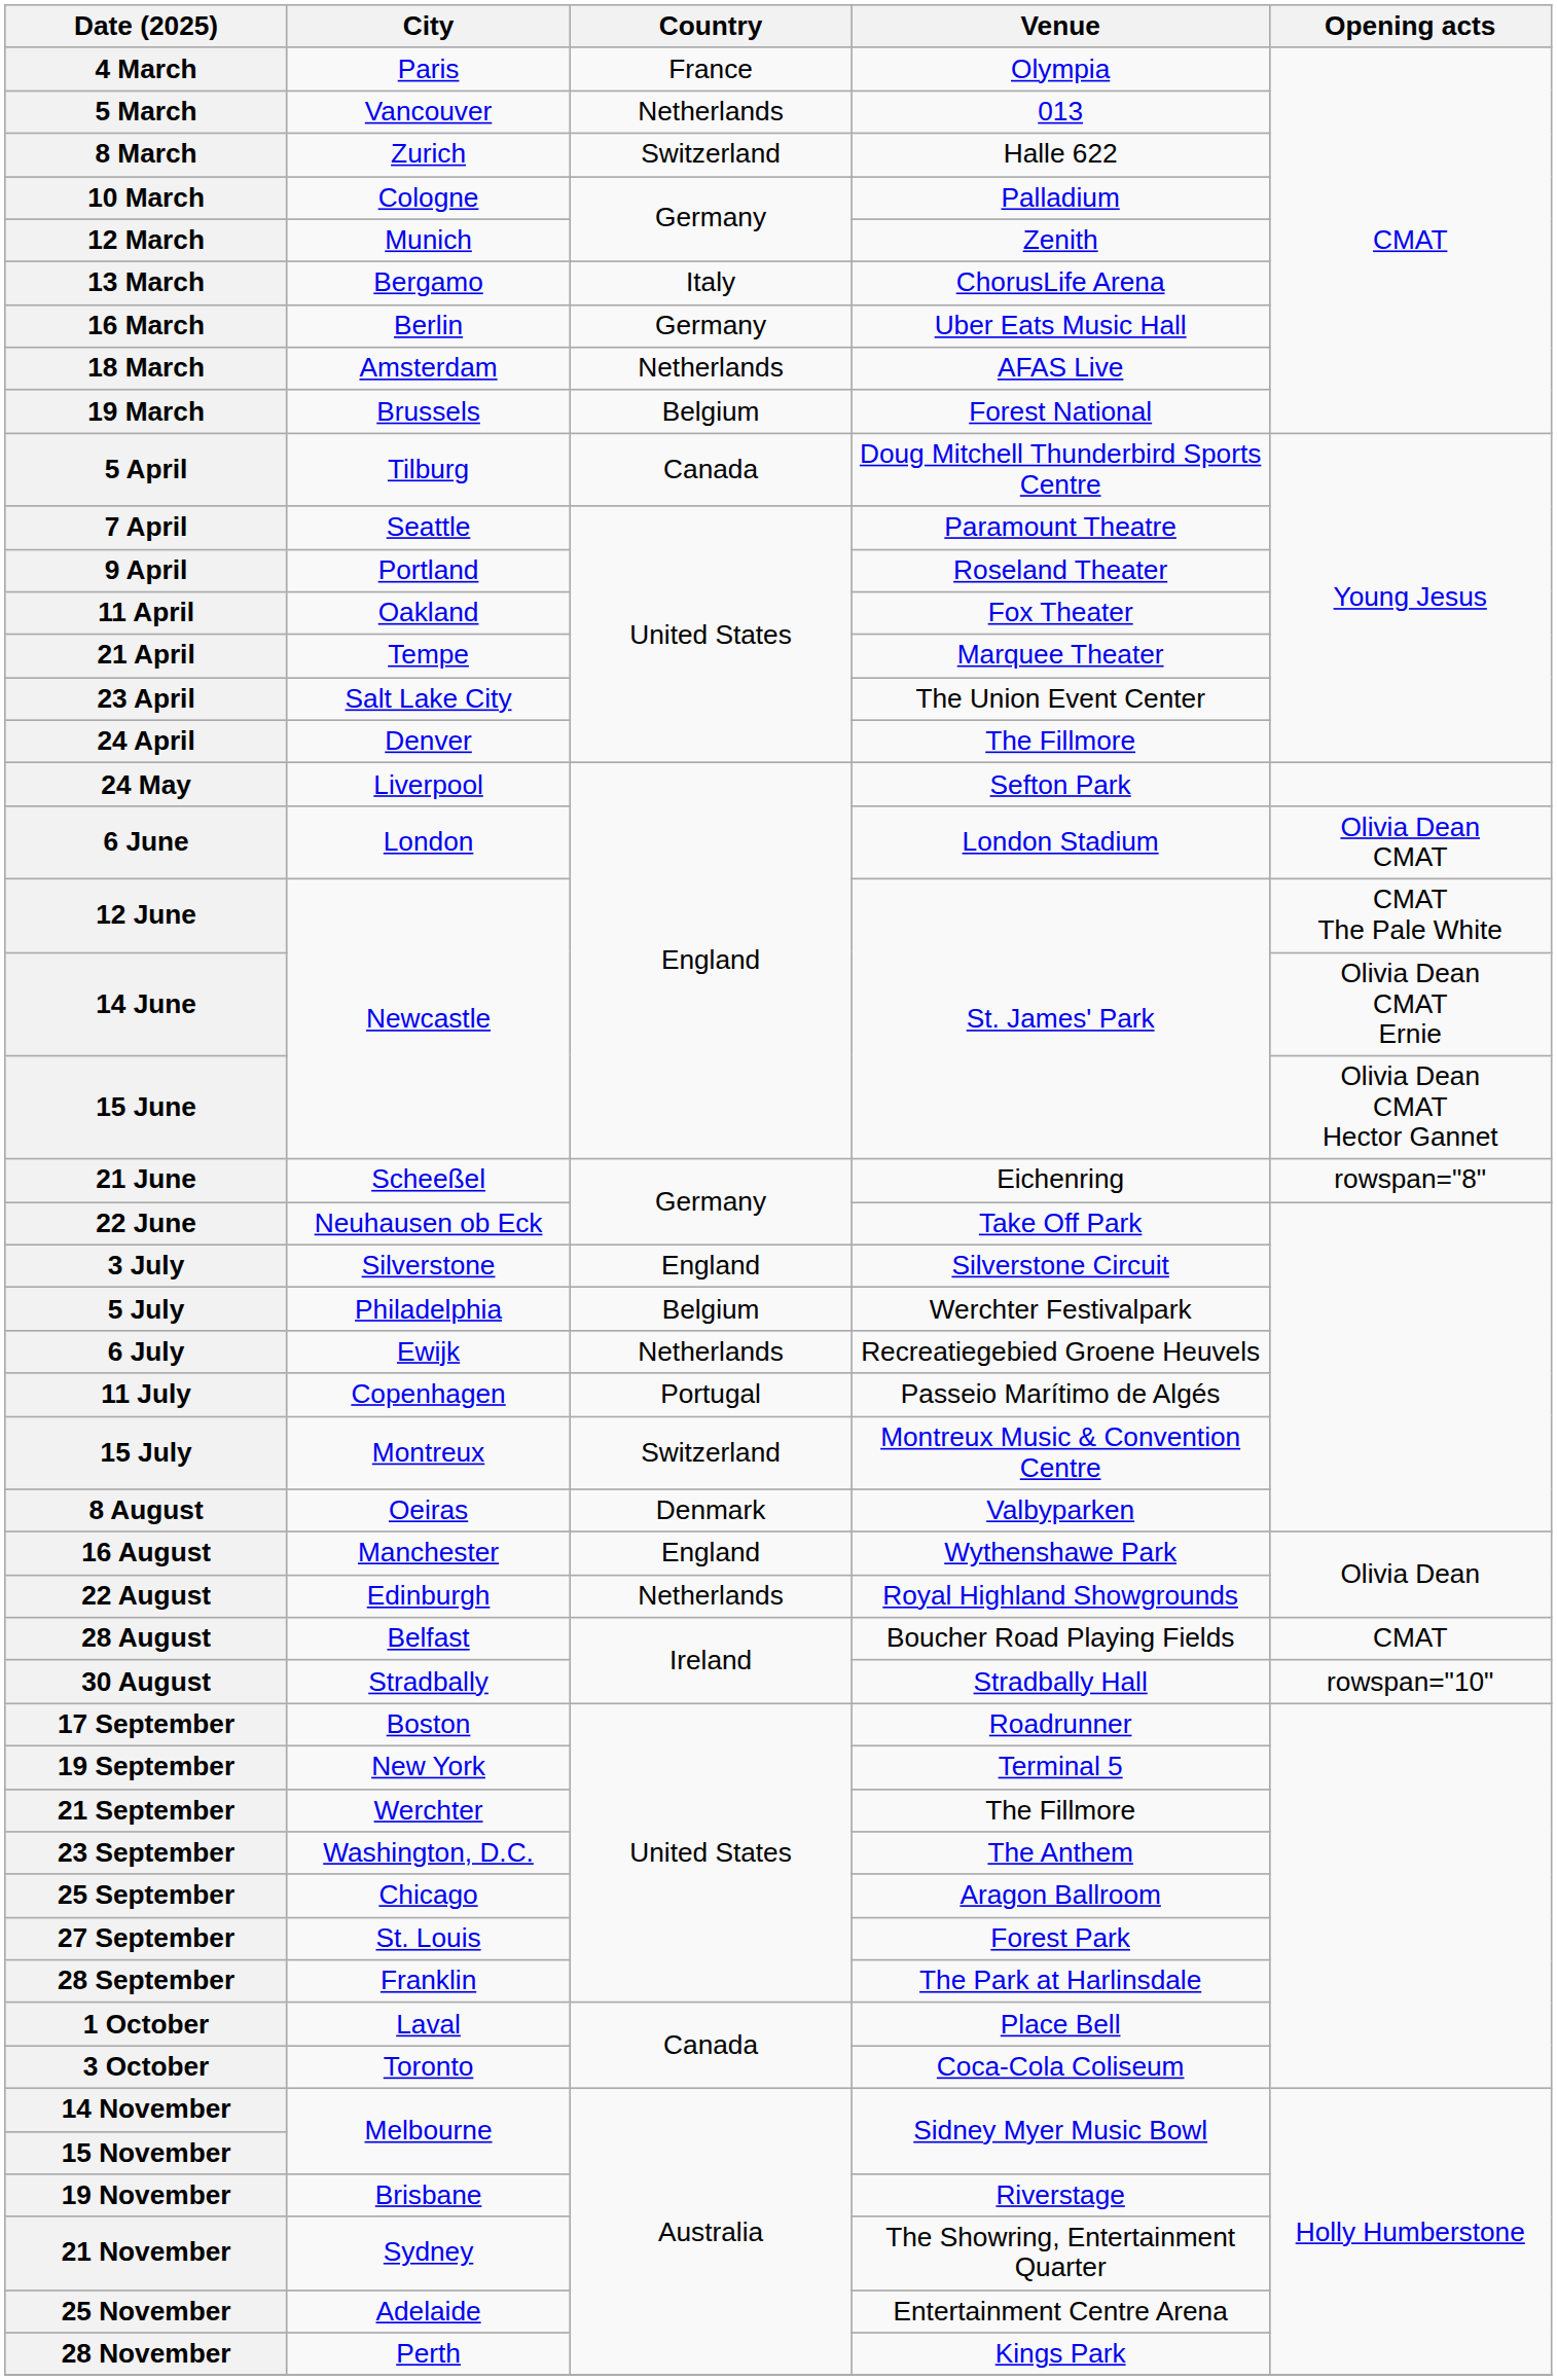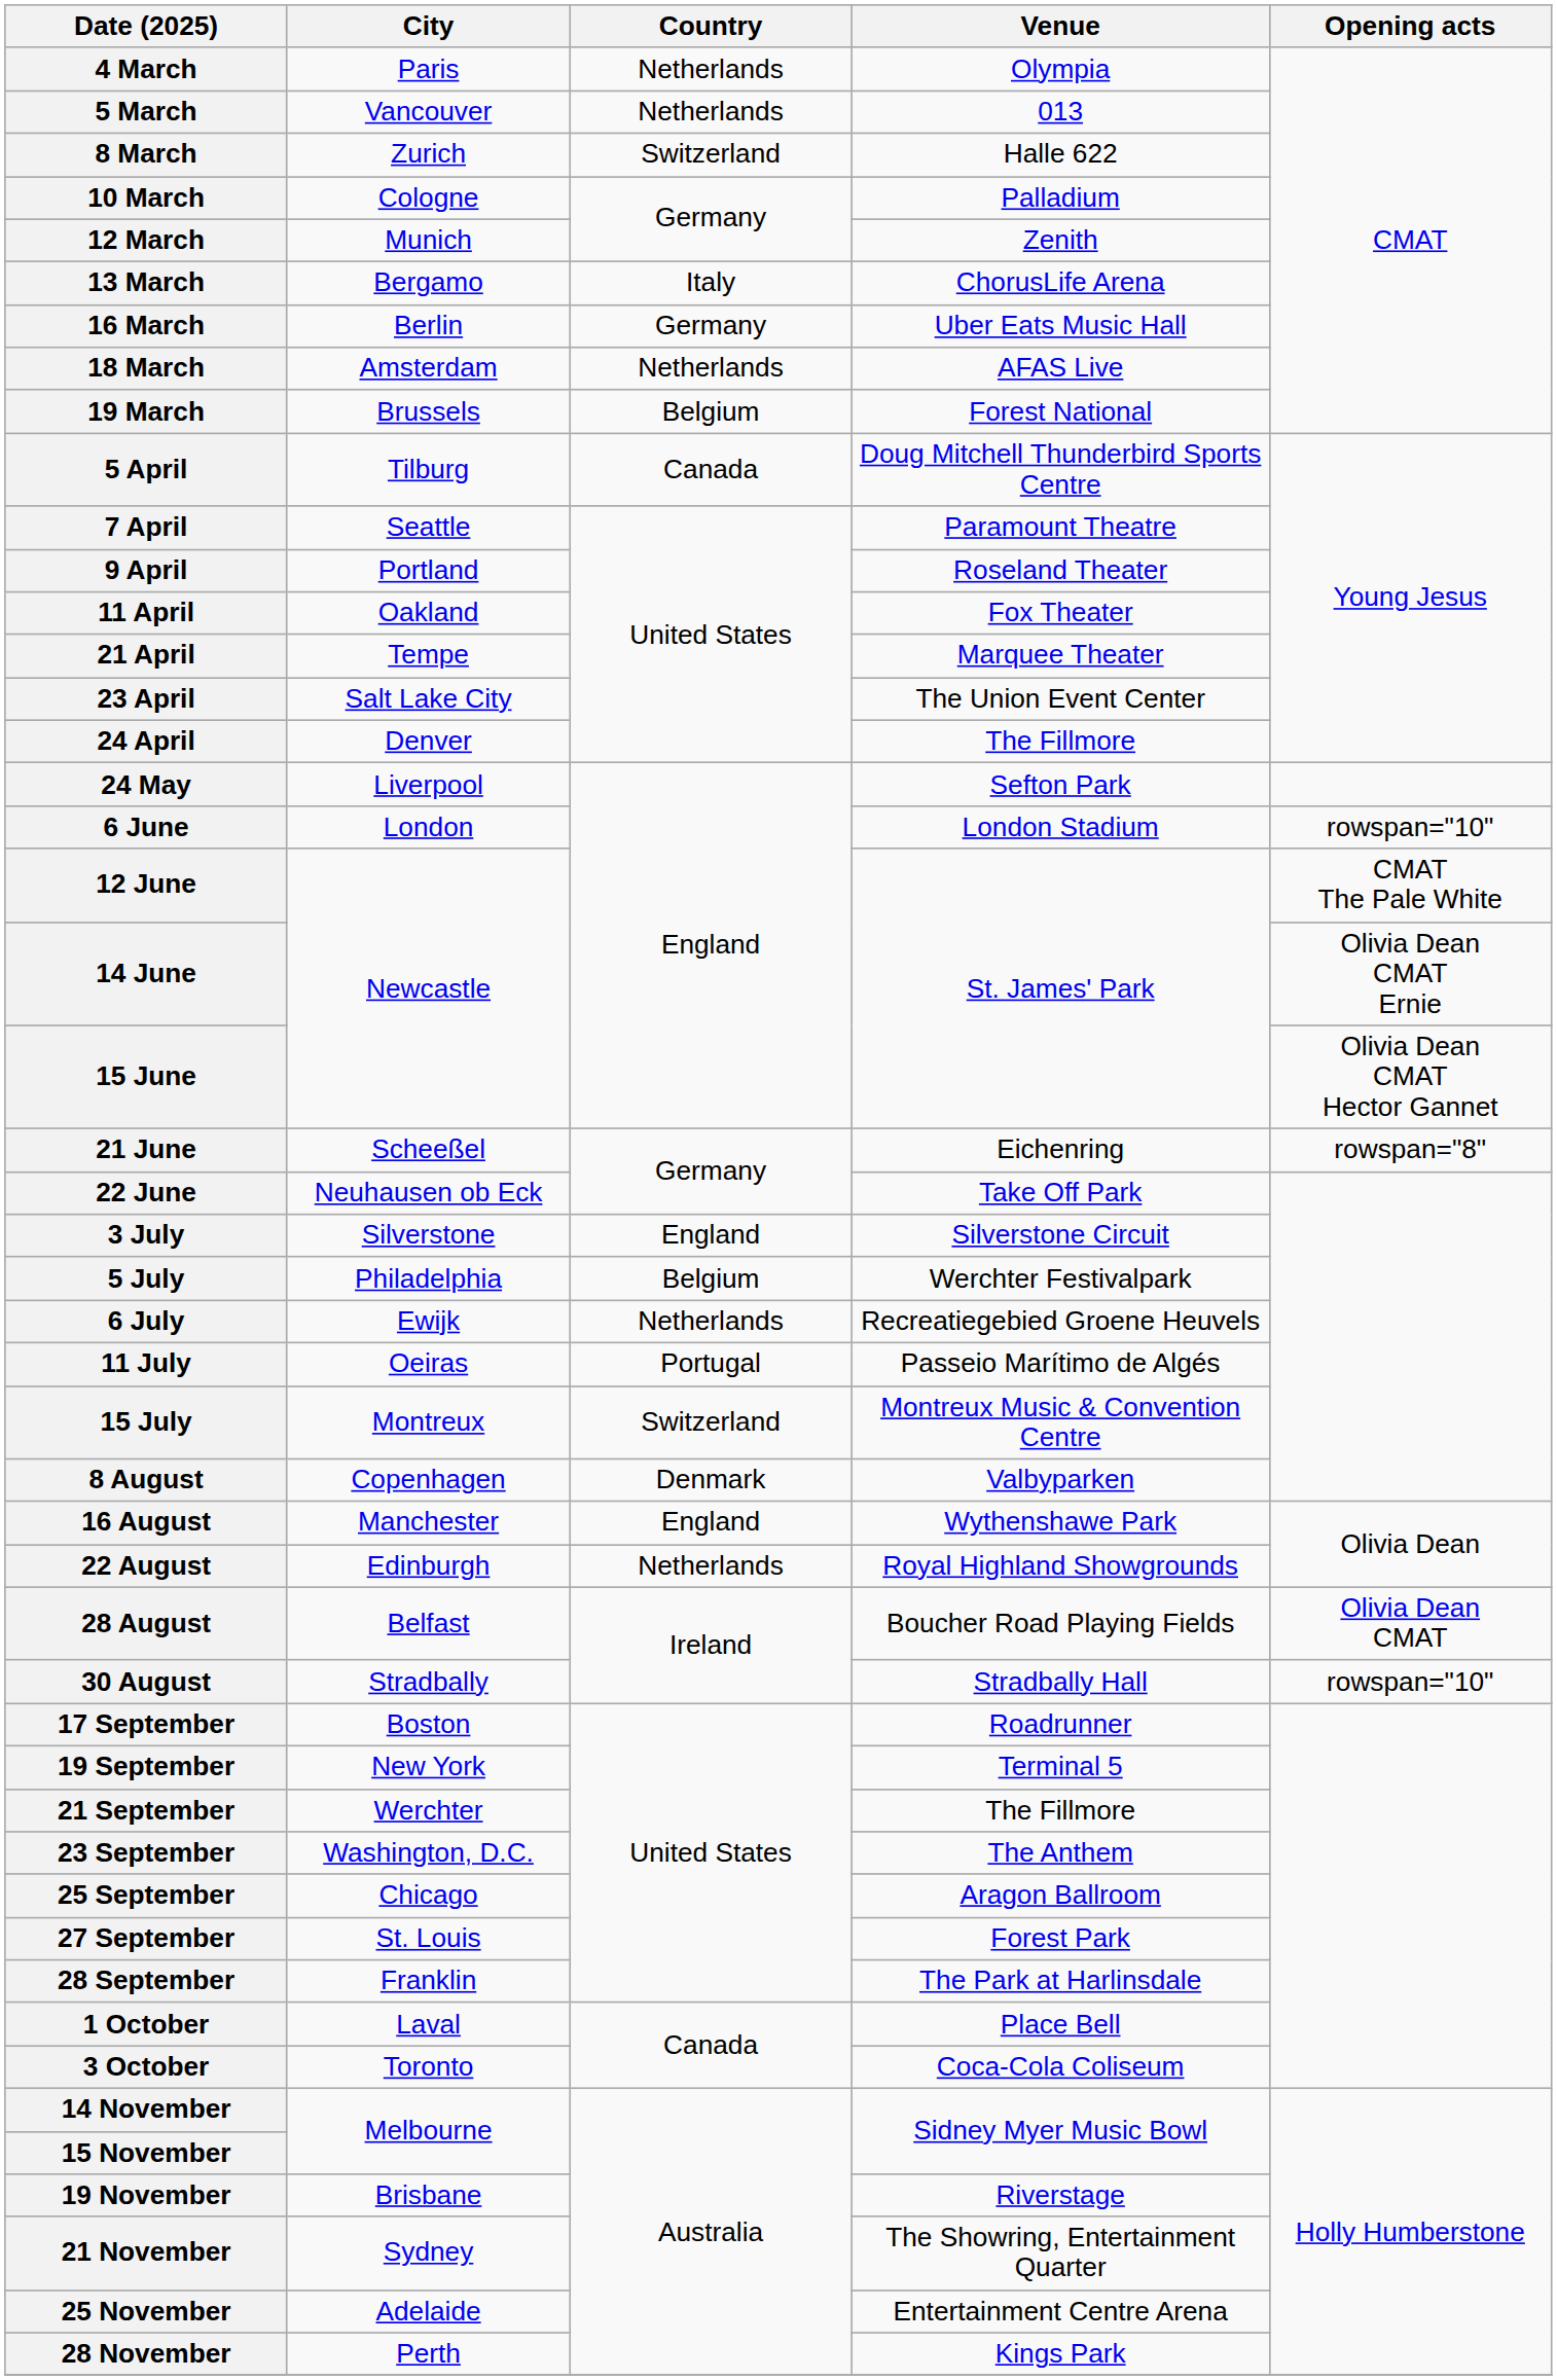 <table class="wikitable plainrowheaders" style="text-align:center;">
 <tr>
 <th scope="col" style="width:10em;">Date (2025)</th>
 <th scope="col" style="width:10em;">City</th>
 <th scope="col" style="width:10em;">Country</th>
 <th scope="col" style="width:15em;">Venue</th>
 <th scope="col" style="width:10em;">Opening acts</th>
 </tr>
 <tr>
 <th scope="row" style="text-align:center;">4 March</th>
 <td><a href='#'>Paris</a></td>
-<td>France</td>
+<td>Netherlands</td>
 <td><a href='#'>Olympia</a></td>
 <td rowspan="9"><a href='#'>CMAT</a></td>
 </tr>
 <tr>
 <th scope="row" style="text-align:center;">5 March</th>
 <td><a href='#'>Vancouver</a></td>
 <td>Netherlands</td>
 <td><a href='#'>013</a></td>
 </tr>
 <tr>
 <th scope="row" style="text-align:center;">8 March</th>
 <td><a href='#'>Zurich</a></td>
 <td>Switzerland</td>
 <td>Halle 622</td>
 </tr>
 <tr>
 <th scope="row" style="text-align:center;">10 March</th>
 <td><a href='#'>Cologne</a></td>
 <td rowspan="2">Germany</td>
 <td><a href='#'>Palladium</a></td>
 </tr>
 <tr>
 <th scope="row" style="text-align:center;">12 March</th>
 <td><a href='#'>Munich</a></td>
 <td><a href='#'>Zenith</a></td>
 </tr>
 <tr>
 <th scope="row" style="text-align:center;">13 March</th>
 <td><a href='#'>Bergamo</a></td>
 <td>Italy</td>
 <td><a href='#'>ChorusLife Arena</a></td>
 </tr>
 <tr>
 <th scope="row" style="text-align:center;">16 March</th>
 <td><a href='#'>Berlin</a></td>
 <td>Germany</td>
 <td><a href='#'>Uber Eats Music Hall</a></td>
 </tr>
 <tr>
 <th scope="row" style="text-align:center;">18 March</th>
 <td><a href='#'>Amsterdam</a></td>
 <td>Netherlands</td>
 <td><a href='#'>AFAS Live</a></td>
 </tr>
 <tr>
 <th scope="row" style="text-align:center;">19 March</th>
 <td><a href='#'>Brussels</a></td>
 <td>Belgium</td>
 <td><a href='#'>Forest National</a></td>
 </tr>
 <tr>
 <th scope="row" style="text-align:center;">5 April</th>
 <td><a href='#'>Tilburg</a></td>
 <td>Canada</td>
 <td><a href='#'>Doug Mitchell Thunderbird Sports Centre</a></td>
 <td rowspan="7"><a href='#'>Young Jesus</a></td>
 </tr>
 <tr>
 <th scope="row" style="text-align:center;">7 April</th>
 <td><a href='#'>Seattle</a></td>
 <td rowspan="6">United States</td>
 <td><a href='#'>Paramount Theatre</a></td>
 </tr>
 <tr>
 <th scope="row" style="text-align:center;">9 April</th>
 <td><a href='#'>Portland</a></td>
 <td><a href='#'>Roseland Theater</a></td>
 </tr>
 <tr>
 <th scope="row" style="text-align:center;">11 April</th>
 <td><a href='#'>Oakland</a></td>
 <td><a href='#'>Fox Theater</a></td>
 </tr>
 <tr>
 <th scope="row" style="text-align:center;">21 April</th>
 <td><a href='#'>Tempe</a></td>
 <td><a href='#'>Marquee Theater</a></td>
 </tr>
 <tr>
 <th scope="row" style="text-align:center;">23 April</th>
 <td><a href='#'>Salt Lake City</a></td>
 <td>The Union Event Center</td>
 </tr>
 <tr>
 <th scope="row" style="text-align:center;">24 April</th>
 <td><a href='#'>Denver</a></td>
 <td><a href='#'>The Fillmore</a></td>
 </tr>
 <tr>
 <th scope="row" style="text-align:center;">24 May</th>
 <td><a href='#'>Liverpool</a></td>
 <td rowspan="5">England</td>
 <td><a href='#'>Sefton Park</a></td>
 <td></td>
 </tr>
 <tr>
 <th scope="row" style="text-align:center;">6 June</th>
 <td><a href='#'>London</a></td>
 <td><a href='#'>London Stadium</a></td>
-<td><a href='#'>Olivia Dean</a><br>CMAT</td>
+<td>rowspan="10" </td>
 </tr>
 <tr>
 <th scope="row" style="text-align:center;">12 June</th>
 <td rowspan="3"><a href='#'>Newcastle</a></td>
 <td rowspan="3"><a href='#'>St. James' Park</a></td>
 <td>CMAT<br>The Pale White</td>
 </tr>
 <tr>
 <th scope="row" style="text-align:center;">14 June</th>
 <td>Olivia Dean <br> CMAT <br> Ernie</td>
 </tr>
 <tr>
 <th scope="row" style="text-align:center;">15 June</th>
 <td>Olivia Dean <br> CMAT <br> Hector Gannet</td>
 </tr>
 <tr>
 <th scope="row" style="text-align:center;">21 June</th>
 <td><a href='#'>Scheeßel</a></td>
 <td rowspan="2">Germany</td>
 <td>Eichenring</td>
 <td>rowspan="8" </td>
 </tr>
 <tr>
 <th scope="row" style="text-align:center;">22 June</th>
 <td><a href='#'>Neuhausen ob Eck</a></td>
 <td><a href='#'>Take Off Park</a></td>
 </tr>
 <tr>
 <th scope="row" style="text-align:center;">3 July</th>
 <td><a href='#'>Silverstone</a></td>
 <td>England</td>
 <td><a href='#'>Silverstone Circuit</a></td>
 </tr>
 <tr>
 <th scope="row" style="text-align:center;">5 July</th>
 <td><a href='#'>Philadelphia</a></td>
 <td>Belgium</td>
 <td>Werchter Festivalpark</td>
 </tr>
 <tr>
 <th scope="row" style="text-align:center;">6 July</th>
 <td><a href='#'>Ewijk</a></td>
 <td>Netherlands</td>
 <td>Recreatiegebied Groene Heuvels</td>
 </tr>
 <tr>
 <th scope="row" style="text-align:center;">11 July</th>
-<td><a href='#'>Copenhagen</a></td>
+<td><a href='#'>Oeiras</a></td>
 <td>Portugal</td>
 <td>Passeio Marítimo de Algés</td>
 </tr>
 <tr>
 <th scope="row" style="text-align:center;">15 July</th>
 <td><a href='#'>Montreux</a></td>
 <td>Switzerland</td>
 <td><a href='#'>Montreux Music & Convention Centre</a></td>
 </tr>
 <tr>
 <th scope="row" style="text-align:center;">8 August</th>
-<td><a href='#'>Oeiras</a></td>
+<td><a href='#'>Copenhagen</a></td>
 <td>Denmark</td>
 <td><a href='#'>Valbyparken</a></td>
 </tr>
 <tr>
 <th scope="row" style="text-align:center;">16 August</th>
 <td><a href='#'>Manchester</a></td>
 <td>England</td>
 <td><a href='#'>Wythenshawe Park</a></td>
 <td rowspan="2">Olivia Dean</td>
 </tr>
 <tr>
 <th scope="row" style="text-align:center;">22 August</th>
 <td><a href='#'>Edinburgh</a></td>
 <td>Netherlands</td>
 <td><a href='#'>Royal Highland Showgrounds</a></td>
 </tr>
 <tr>
 <th scope="row" style="text-align:center;">28 August</th>
 <td><a href='#'>Belfast</a></td>
 <td rowspan="2">Ireland</td>
 <td>Boucher Road Playing Fields</td>
-<td>CMAT</td>
+<td><a href='#'>Olivia Dean</a><br>CMAT</td>
 </tr>
 <tr>
 <th scope="row" style="text-align:center;">30 August</th>
 <td><a href='#'>Stradbally</a></td>
 <td><a href='#'>Stradbally Hall</a></td>
 <td>rowspan="10" </td>
 </tr>
 <tr>
 <th scope="row" style="text-align:center;">17 September</th>
 <td><a href='#'>Boston</a></td>
 <td rowspan="7">United States</td>
 <td><a href='#'>Roadrunner</a></td>
 </tr>
 <tr>
 <th scope="row" style="text-align:center;">19 September</th>
 <td><a href='#'>New York</a></td>
 <td><a href='#'>Terminal 5</a></td>
 </tr>
 <tr>
 <th scope="row" style="text-align:center;">21 September</th>
 <td><a href='#'>Werchter</a></td>
 <td>The Fillmore</td>
 </tr>
 <tr>
 <th scope="row" style="text-align:center;">23 September</th>
 <td><a href='#'>Washington, D.C.</a></td>
 <td><a href='#'>The Anthem</a></td>
 </tr>
 <tr>
 <th scope="row" style="text-align:center;">25 September</th>
 <td><a href='#'>Chicago</a></td>
 <td><a href='#'>Aragon Ballroom</a></td>
 </tr>
 <tr>
 <th scope="row" style="text-align:center;">27 September</th>
 <td><a href='#'>St. Louis</a></td>
 <td><a href='#'>Forest Park</a></td>
 </tr>
 <tr>
 <th scope="row" style="text-align:center;">28 September</th>
 <td><a href='#'>Franklin</a></td>
 <td><a href='#'>The Park at Harlinsdale</a></td>
 </tr>
 <tr>
 <th scope="row" style="text-align:center;">1 October</th>
 <td><a href='#'>Laval</a></td>
 <td rowspan="2">Canada</td>
 <td><a href='#'>Place Bell</a></td>
 </tr>
 <tr>
 <th scope="row" style="text-align:center;">3 October</th>
 <td><a href='#'>Toronto</a></td>
 <td><a href='#'>Coca-Cola Coliseum</a></td>
 </tr>
 <tr>
 <th scope="row" style="text-align:center;">14 November</th>
 <td rowspan="2"><a href='#'>Melbourne</a></td>
 <td rowspan="6">Australia</td>
 <td rowspan="2"><a href='#'>Sidney Myer Music Bowl</a></td>
 <td rowspan="6"><a href='#'>Holly Humberstone</a></td>
 </tr>
 <tr>
 <th scope="row" style="text-align:center;">15 November</th>
 </tr>
 <tr>
 <th scope="row" style="text-align:center;">19 November</th>
 <td><a href='#'>Brisbane</a></td>
 <td><a href='#'>Riverstage</a></td>
 </tr>
 <tr>
 <th scope="row" style="text-align:center;">21 November</th>
 <td><a href='#'>Sydney</a></td>
 <td>The Showring, Entertainment Quarter</td>
 </tr>
 <tr>
 <th scope="row" style="text-align:center;">25 November</th>
 <td><a href='#'>Adelaide</a></td>
 <td>Entertainment Centre Arena</td>
 </tr>
 <tr>
 <th scope="row" style="text-align:center;">28 November</th>
 <td><a href='#'>Perth</a></td>
 <td><a href='#'>Kings Park</a></td>
 </tr>
 <tr>
 </tr>
 </table>
